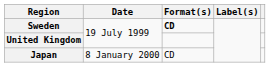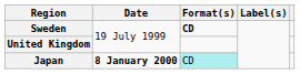 <table class="wikitable plainrowheaders">
 <tr>
 <th scope="col">Region</th>
 <th scope="col">Date</th>
 <th scope="col">Format(s)</th>
 <th scope="col">Label(s)</th>
 <th scope="col"></th>
 </tr>
 <tr>
 <th scope="row">Sweden</th>
 <td rowspan="2">19 July 1999</td>
 <td><strong>CD</strong></td>
 <td rowspan="3"></td>
 <td></td>
 </tr>
 <tr>
 <th scope="row">United Kingdom</th>
 <td></td>
 <td></td>
 </tr>
 <tr>
 <th scope="row">Japan</th>
-<td>8 January 2000</td>
-<td>CD</td>
+<td><strong>8 January 2000</strong></td>
+<td style="background: paleturquoise;">CD</td>
 <td></td>
 </tr>
 </table>
